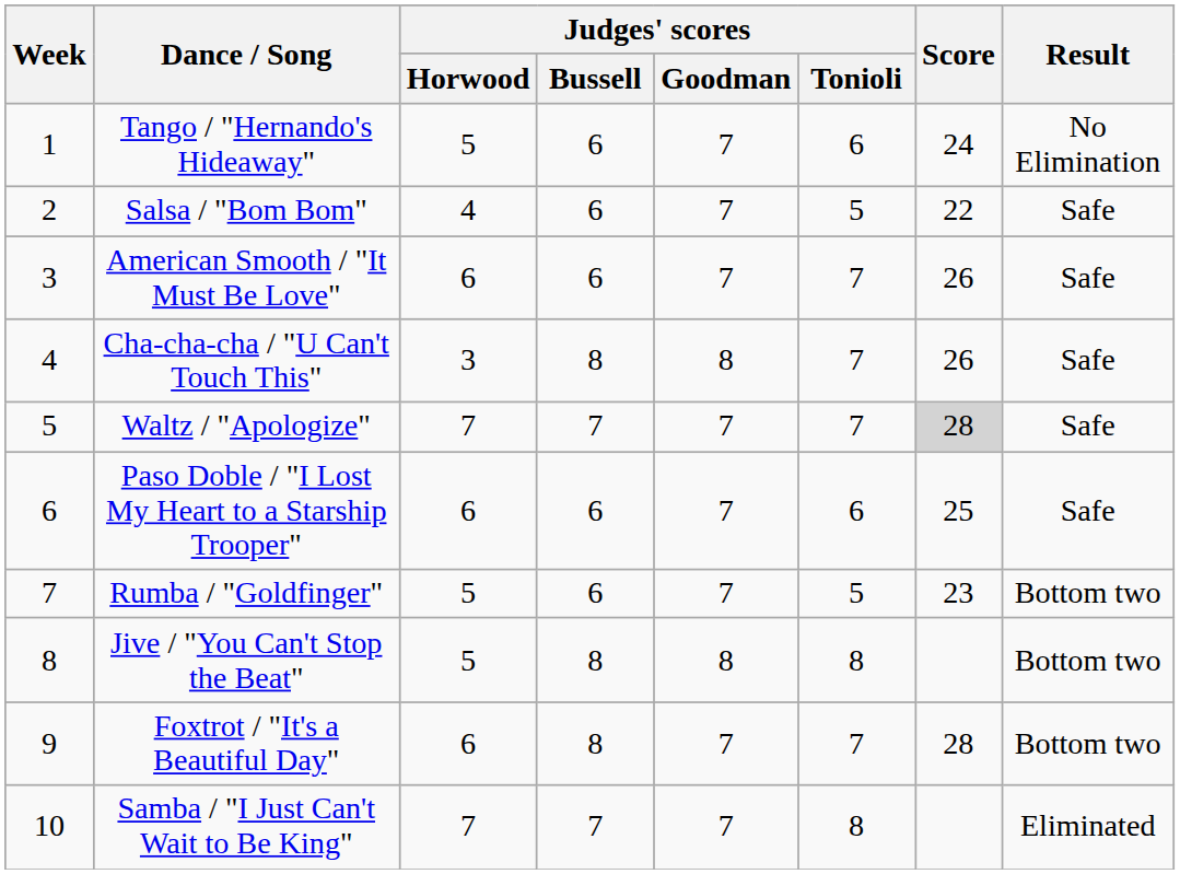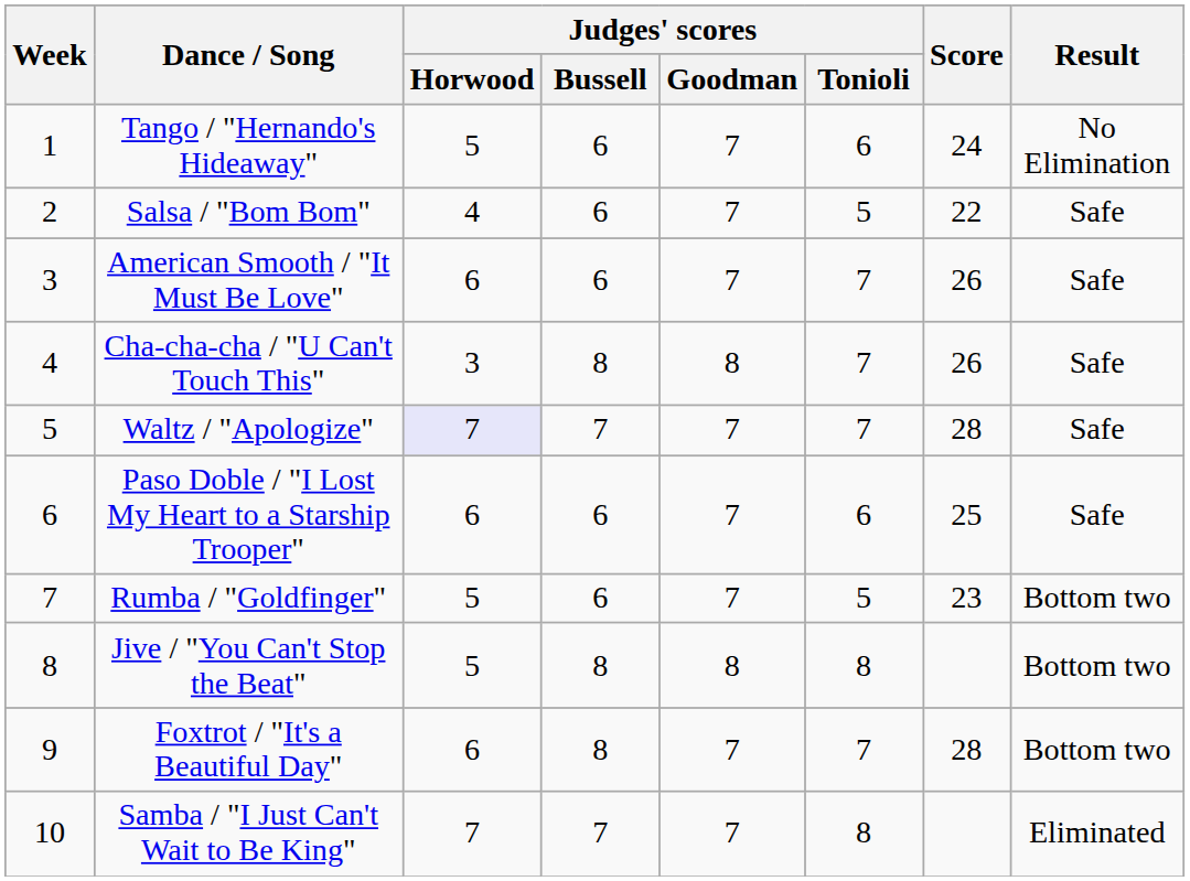 <table class="wikitable">
 <tr>
 <th rowspan="2">Week </th>
 <th rowspan="2">Dance / Song</th>
 <th colspan="4">Judges' scores</th>
 <th rowspan="2">Score</th>
 <th rowspan="2">Result</th>
 </tr>
 <tr>
 <th style="width:10%; ">Horwood</th>
 <th style="width:10%; ">Bussell</th>
 <th style="width:10%; ">Goodman</th>
 <th style="width:10%; ">Tonioli</th>
 </tr>
 <tr style="text-align: center; ">
 <td>1</td>
 <td><a href='#'>Tango</a> / "<a href='#'>Hernando's Hideaway</a>"</td>
 <td>5</td>
 <td>6</td>
 <td>7</td>
 <td>6</td>
 <td>24</td>
 <td>No Elimination</td>
 </tr>
 <tr style="text-align: center;">
 <td>2</td>
 <td><a href='#'>Salsa</a> / "<a href='#'>Bom Bom</a>"</td>
 <td>4</td>
 <td>6</td>
 <td>7</td>
 <td>5</td>
 <td>22</td>
 <td>Safe</td>
 </tr>
 <tr style="text-align: center;">
 <td>3</td>
 <td><a href='#'>American Smooth</a> / "<a href='#'>It Must Be Love</a>"</td>
 <td>6</td>
 <td>6</td>
 <td>7</td>
 <td>7</td>
 <td>26</td>
 <td>Safe</td>
 </tr>
 <tr style="text-align: center;">
 <td>4</td>
 <td><a href='#'>Cha-cha-cha</a> / "<a href='#'>U Can't Touch This</a>"</td>
 <td>3</td>
 <td>8</td>
 <td>8</td>
 <td>7</td>
 <td>26</td>
 <td>Safe</td>
 </tr>
 <tr style="text-align: center;">
 <td>5</td>
 <td><a href='#'>Waltz</a> / "<a href='#'>Apologize</a>"</td>
+<td style="background: lavender;">7</td>
 <td>7</td>
 <td>7</td>
 <td>7</td>
-<td>7</td>
-<td style="background: lightgrey;">28</td>
+<td>28</td>
 <td>Safe</td>
 </tr>
 <tr style="text-align: center;">
 <td>6</td>
 <td><a href='#'>Paso Doble</a> / "<a href='#'>I Lost My Heart to a Starship Trooper</a>"</td>
 <td>6</td>
 <td>6</td>
 <td>7</td>
 <td>6</td>
 <td>25</td>
 <td>Safe</td>
 </tr>
 <tr style="text-align: center;">
 <td>7</td>
 <td><a href='#'>Rumba</a> / "<a href='#'>Goldfinger</a>"</td>
 <td>5</td>
 <td>6</td>
 <td>7</td>
 <td>5</td>
 <td>23</td>
 <td>Bottom two</td>
 </tr>
 <tr style="text-align: center;">
 <td>8</td>
 <td><a href='#'>Jive</a> / "<a href='#'>You Can't Stop the Beat</a>"</td>
 <td>5</td>
 <td>8</td>
 <td>8</td>
 <td>8</td>
 <td></td>
 <td>Bottom two</td>
 </tr>
 <tr style="text-align: center;">
 <td>9</td>
 <td><a href='#'>Foxtrot</a> / "<a href='#'>It's a Beautiful Day</a>"</td>
 <td>6</td>
 <td>8</td>
 <td>7</td>
 <td>7</td>
 <td>28</td>
 <td>Bottom two</td>
 </tr>
 <tr style="text-align: center;">
 <td>10</td>
 <td><a href='#'>Samba</a> / "<a href='#'>I Just Can't Wait to Be King</a>"</td>
 <td>7</td>
 <td>7</td>
 <td>7</td>
 <td>8</td>
 <td></td>
 <td>Eliminated</td>
 </tr>
 </table>
